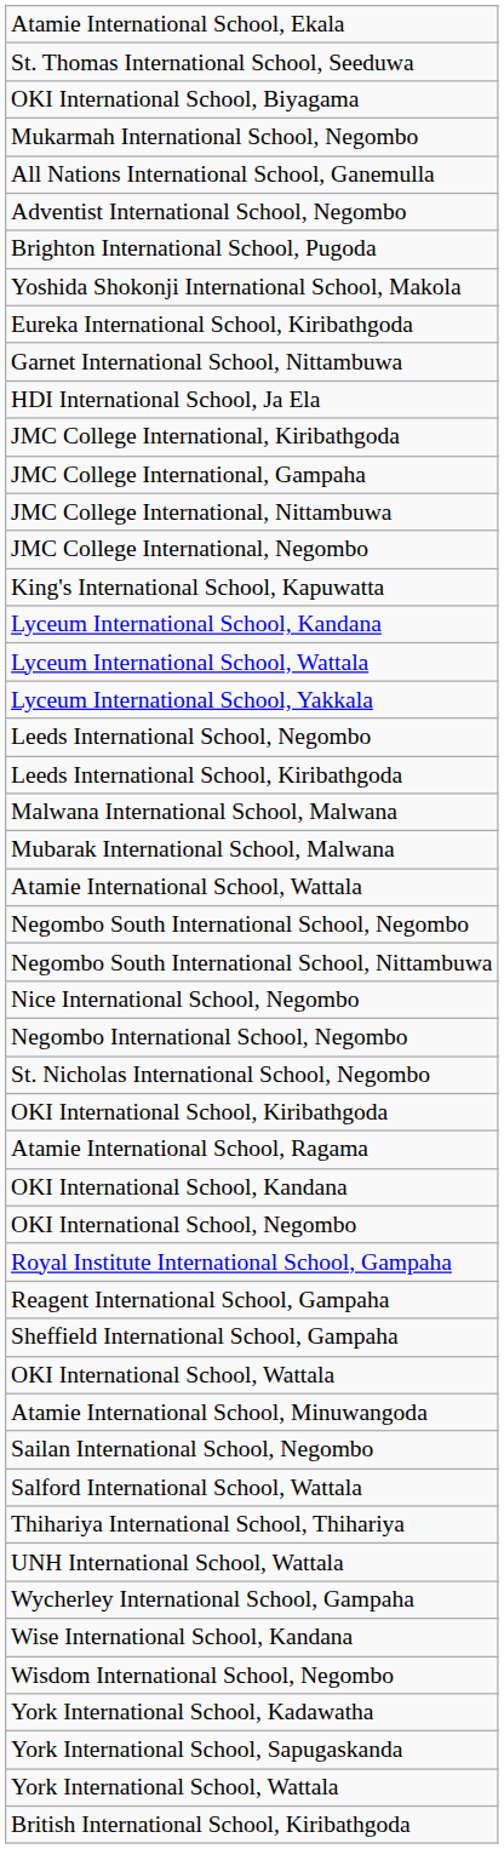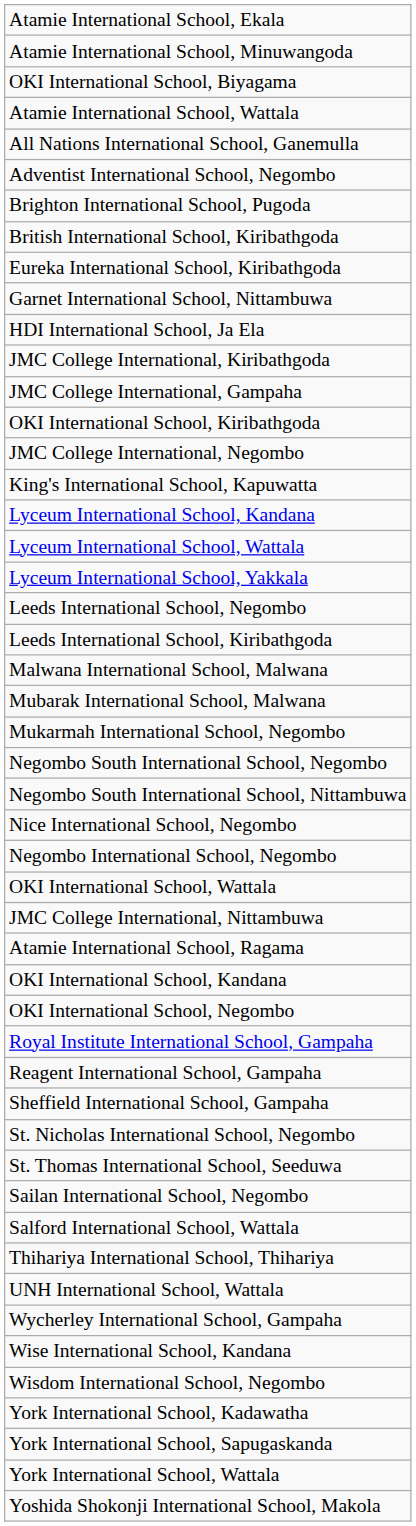 <table class="wikitable">
 <tr>
 <td>Atamie International School, Ekala</td>
 </tr>
 <tr>
-<td>St. Thomas International School, Seeduwa</td>
+<td>Atamie International School, Minuwangoda</td>
 </tr>
 <tr>
 <td>OKI International School, Biyagama</td>
 </tr>
 <tr>
-<td>Mukarmah International School, Negombo</td>
+<td>Atamie International School, Wattala</td>
 </tr>
 <tr>
 <td>All Nations International School, Ganemulla</td>
 </tr>
 <tr>
 <td>Adventist International School, Negombo</td>
 </tr>
 <tr>
 <td>Brighton International School, Pugoda</td>
 </tr>
 <tr>
-<td>Yoshida Shokonji International School, Makola</td>
+<td>British International School, Kiribathgoda</td>
 </tr>
 <tr>
 <td>Eureka International School, Kiribathgoda</td>
 </tr>
 <tr>
 <td>Garnet International School, Nittambuwa</td>
 </tr>
 <tr>
 <td>HDI International School, Ja Ela</td>
 </tr>
 <tr>
 <td>JMC College International, Kiribathgoda</td>
 </tr>
 <tr>
 <td>JMC College International, Gampaha</td>
 </tr>
 <tr>
-<td>JMC College International, Nittambuwa</td>
+<td>OKI International School, Kiribathgoda</td>
 </tr>
 <tr>
 <td>JMC College International, Negombo</td>
 </tr>
 <tr>
 <td>King's International School, Kapuwatta</td>
 </tr>
 <tr>
 <td><a href='#'>Lyceum International School, Kandana</a></td>
 </tr>
 <tr>
 <td><a href='#'>Lyceum International School, Wattala</a></td>
 </tr>
 <tr>
 <td><a href='#'>Lyceum International School, Yakkala</a></td>
 </tr>
 <tr>
 <td>Leeds International School, Negombo</td>
 </tr>
 <tr>
 <td>Leeds International School, Kiribathgoda</td>
 </tr>
 <tr>
 <td>Malwana International School, Malwana</td>
 </tr>
 <tr>
 <td>Mubarak International School, Malwana</td>
 </tr>
 <tr>
-<td>Atamie International School, Wattala</td>
+<td>Mukarmah International School, Negombo</td>
 </tr>
 <tr>
 <td>Negombo South International School, Negombo</td>
 </tr>
 <tr>
 <td>Negombo South International School, Nittambuwa</td>
 </tr>
 <tr>
 <td>Nice International School, Negombo</td>
 </tr>
 <tr>
 <td>Negombo International School, Negombo</td>
 </tr>
 <tr>
-<td>St. Nicholas International School, Negombo</td>
+<td>OKI International School, Wattala</td>
 </tr>
 <tr>
-<td>OKI International School, Kiribathgoda</td>
+<td>JMC College International, Nittambuwa</td>
 </tr>
 <tr>
 <td>Atamie International School, Ragama</td>
 </tr>
 <tr>
 <td>OKI International School, Kandana</td>
 </tr>
 <tr>
 <td>OKI International School, Negombo</td>
 </tr>
 <tr>
 <td><a href='#'>Royal Institute International School, Gampaha</a></td>
 </tr>
 <tr>
 <td>Reagent International School, Gampaha</td>
 </tr>
 <tr>
 <td>Sheffield International School, Gampaha</td>
 </tr>
 <tr>
-<td>OKI International School, Wattala</td>
+<td>St. Nicholas International School, Negombo</td>
 </tr>
 <tr>
-<td>Atamie International School, Minuwangoda</td>
+<td>St. Thomas International School, Seeduwa</td>
 </tr>
 <tr>
 <td>Sailan International School, Negombo</td>
 </tr>
 <tr>
 <td>Salford International School, Wattala</td>
 </tr>
 <tr>
 <td>Thihariya International School, Thihariya</td>
 </tr>
 <tr>
 <td>UNH International School, Wattala</td>
 </tr>
 <tr>
 <td>Wycherley International School, Gampaha</td>
 </tr>
 <tr>
 <td>Wise International School, Kandana</td>
 </tr>
 <tr>
 <td>Wisdom International School, Negombo</td>
 </tr>
 <tr>
 <td>York International School, Kadawatha</td>
 </tr>
 <tr>
 <td>York International School, Sapugaskanda</td>
 </tr>
 <tr>
 <td>York International School, Wattala</td>
 </tr>
 <tr>
-<td>British International School, Kiribathgoda</td>
+<td>Yoshida Shokonji International School, Makola</td>
 </tr>
 </table>
